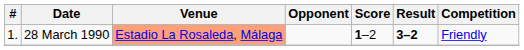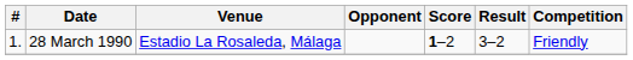 <table class="wikitable">
 <tr>
 <th>#</th>
 <th>Date</th>
 <th>Venue</th>
 <th>Opponent</th>
 <th>Score</th>
 <th>Result</th>
 <th>Competition</th>
 </tr>
 <tr>
 <td>1.</td>
 <td>28 March 1990</td>
-<td style="background: lightsalmon;"><a href='#'>Estadio La Rosaleda</a>, <a href='#'>Málaga</a></td>
+<td><a href='#'>Estadio La Rosaleda</a>, <a href='#'>Málaga</a></td>
 <td></td>
 <td><strong>1</strong>–2</td>
-<td><strong>3–2</strong></td>
+<td>3–2</td>
 <td><a href='#'>Friendly</a></td>
 </tr>
 <tr>
 </tr>
 </table>
